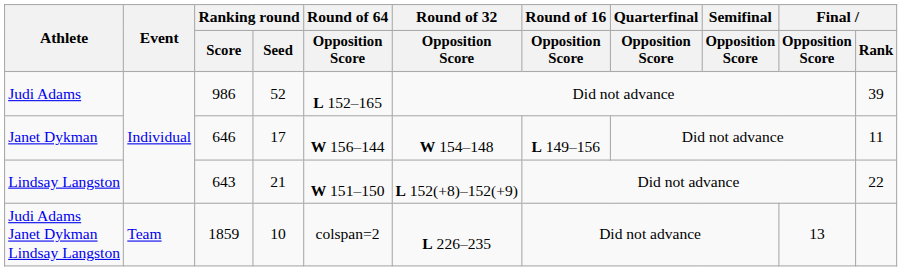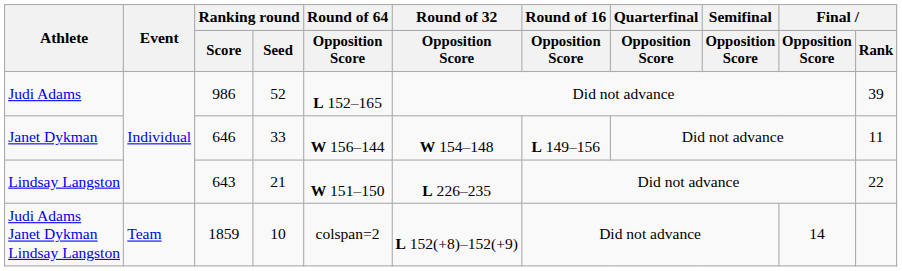 <table class=wikitable style=font-size:90%;text-align:center>
 <tr>
 <th rowspan=2>Athlete</th>
 <th rowspan=2>Event</th>
 <th colspan=2>Ranking round</th>
 <th>Round of 64</th>
 <th>Round of 32</th>
 <th>Round of 16</th>
 <th>Quarterfinal</th>
 <th>Semifinal</th>
 <th colspan=2>Final / </th>
 </tr>
 <tr style=font-size:95%>
 <th>Score</th>
 <th>Seed</th>
 <th>Opposition<br>Score</th>
 <th>Opposition<br>Score</th>
 <th>Opposition<br>Score</th>
 <th>Opposition<br>Score</th>
 <th>Opposition<br>Score</th>
 <th>Opposition<br>Score</th>
 <th>Rank</th>
 </tr>
 <tr>
 <td align=left><a href='#'>Judi Adams</a></td>
 <td align=left rowspan=3><a href='#'>Individual</a></td>
 <td>986</td>
 <td>52</td>
 <td><br><strong>L</strong> 152–165</td>
 <td colspan=5>Did not advance</td>
 <td>39</td>
 </tr>
 <tr>
 <td align=left><a href='#'>Janet Dykman</a></td>
 <td>646</td>
-<td>17</td>
+<td>33</td>
 <td><br><strong>W</strong> 156–144</td>
 <td><br><strong>W</strong> 154–148</td>
 <td><br><strong>L</strong> 149–156</td>
 <td colspan=3>Did not advance</td>
 <td>11</td>
 </tr>
 <tr>
 <td align=left><a href='#'>Lindsay Langston</a></td>
 <td>643</td>
 <td>21</td>
 <td><br><strong>W</strong> 151–150</td>
-<td><br><strong>L</strong> 152(+8)–152(+9)</td>
+<td><br><strong>L</strong> 226–235</td>
 <td colspan=4>Did not advance</td>
 <td>22</td>
 </tr>
 <tr>
 <td align=left><a href='#'>Judi Adams</a><br><a href='#'>Janet Dykman</a><br><a href='#'>Lindsay Langston</a></td>
 <td align=left><a href='#'>Team</a></td>
 <td>1859</td>
 <td>10</td>
 <td>colspan=2 </td>
-<td><br><strong>L</strong> 226–235</td>
+<td><br><strong>L</strong> 152(+8)–152(+9)</td>
 <td colspan=3>Did not advance</td>
-<td>13</td>
+<td>14</td>
 </tr>
 </table>
